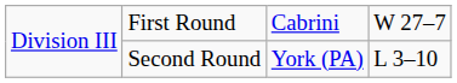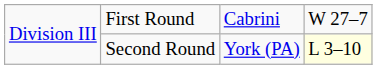 <table class="wikitable">
 <tr>
 <td rowspan="5"><a href='#'>Division III</a></td>
 <td>First Round</td>
 <td><a href='#'>Cabrini</a></td>
 <td>W 27–7</td>
 </tr>
 <tr>
 <td>Second Round</td>
 <td><a href='#'>York (PA)</a></td>
-<td>L 3–10</td>
+<td style="background: lightyellow;">L 3–10</td>
 </tr>
 </table>
